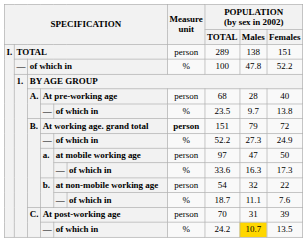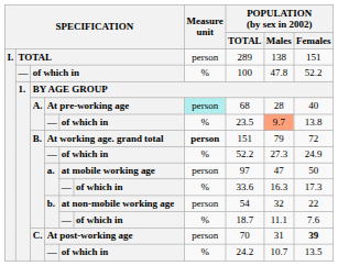 <table class="wikitable" style="font-size:85%; text-align:center">
 <tr>
 <th rowspan="2" colspan="6">SPECIFICATION</th>
 <th rowspan="2">Measure<br> unit</th>
 <th colspan="3" rowspan="1">POPULATION<br> (by sex in 2002)</th>
 </tr>
 <tr>
 <th>TOTAL</th>
 <th>Males</th>
 <th>Females</th>
 </tr>
 <tr>
 <th style="text-align:left" valign="top" rowspan="13">I.</th>
 <th style="text-align:left" colspan="5">TOTAL</th>
 <td>person</td>
 <td>289</td>
 <td>138</td>
 <td>151</td>
 </tr>
 <tr>
 <th style="text-align:left" valign="top">—</th>
 <th style="text-align:left" colspan="4">of which in</th>
 <td>%</td>
 <td>100</td>
 <td>47.8</td>
 <td>52.2</td>
 </tr>
 <tr>
 <th style="text-align:left" valign="top" rowspan="11">1.</th>
 <th style="text-align:left" colspan="19">BY AGE GROUP</th>
 </tr>
 <tr>
 <th style="text-align:left" valign="top" rowspan="2">A.</th>
 <th style="text-align:left" colspan="3">At pre-working age</th>
-<td>person</td>
+<td style="background: paleturquoise;">person</td>
 <td>68</td>
 <td>28</td>
 <td>40</td>
 </tr>
 <tr>
 <th style="text-align:left" valign="top">—</th>
 <th style="text-align:left" valign="top" colspan="2">of which in</th>
 <td>%</td>
 <td>23.5</td>
-<td>9.7</td>
+<td style="background: lightsalmon;">9.7</td>
 <td>13.8</td>
 </tr>
 <tr>
 <th style="text-align:left" valign="top" rowspan="6">B.</th>
 <th style="text-align:left" colspan="3">At working age. grand total</th>
 <td><strong>person</strong></td>
 <td>151</td>
 <td>79</td>
 <td>72</td>
 </tr>
 <tr>
 <th style="text-align:left" valign="top">—</th>
 <th style="text-align:left" valign="top" colspan="2">of which in</th>
 <td>%</td>
 <td>52.2</td>
 <td>27.3</td>
 <td>24.9</td>
 </tr>
 <tr>
 <th style="text-align:left" valign="top" rowspan="2">a.</th>
 <th style="text-align:left" colspan="2">at mobile working age</th>
 <td>person</td>
 <td>97</td>
 <td>47</td>
 <td>50</td>
 </tr>
 <tr>
 <th style="text-align:left" valign="top">—</th>
 <th style="text-align:left" valign="top" colspan="1">of which in                        </th>
 <td>%</td>
 <td>33.6</td>
 <td>16.3</td>
 <td>17.3</td>
 </tr>
 <tr>
 <th style="text-align:left" valign="top" rowspan="2">b.</th>
 <th style="text-align:left" colspan="2">at non-mobile working age</th>
 <td>person</td>
 <td>54</td>
 <td>32</td>
 <td>22</td>
 </tr>
 <tr>
 <th style="text-align:left" valign="top">—</th>
 <th style="text-align:left" valign="top" colspan="1">of which in                        </th>
 <td>%</td>
 <td>18.7</td>
 <td>11.1</td>
 <td>7.6</td>
 </tr>
 <tr>
 <th style="text-align:left" valign="top" rowspan="2">C.</th>
 <th style="text-align:left" colspan="3">At post-working age</th>
 <td>person</td>
 <td>70</td>
 <td>31</td>
-<td>39</td>
+<td><strong>39</strong></td>
 </tr>
 <tr>
 <th style="text-align:left" valign="top">—</th>
 <th style="text-align:left" valign="top" colspan="2">of which in</th>
 <td>%</td>
 <td>24.2</td>
-<td style="background: gold;">10.7</td>
+<td>10.7</td>
 <td>13.5</td>
 </tr>
 </table>
